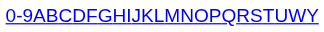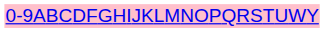 <table id="toc" class="toc" summary="Class">
 <tr>
 <th></th>
 </tr>
 <tr>
-<td style="text-align:center;"><a href='#'>0-9</a><a href='#'>A</a><a href='#'>B</a><a href='#'>C</a><a href='#'>D</a><a href='#'>F</a><a href='#'>G</a><a href='#'>H</a><a href='#'>I</a><a href='#'>J</a><a href='#'>K</a><a href='#'>L</a><a href='#'>M</a><a href='#'>N</a><a href='#'>O</a><a href='#'>P</a><a href='#'>Q</a><a href='#'>R</a><a href='#'>S</a><a href='#'>T</a><a href='#'>U</a><a href='#'>W</a><a href='#'>Y</a></td>
+<td style="background: pink; text-align:center;"><a href='#'>0-9</a><a href='#'>A</a><a href='#'>B</a><a href='#'>C</a><a href='#'>D</a><a href='#'>F</a><a href='#'>G</a><a href='#'>H</a><a href='#'>I</a><a href='#'>J</a><a href='#'>K</a><a href='#'>L</a><a href='#'>M</a><a href='#'>N</a><a href='#'>O</a><a href='#'>P</a><a href='#'>Q</a><a href='#'>R</a><a href='#'>S</a><a href='#'>T</a><a href='#'>U</a><a href='#'>W</a><a href='#'>Y</a></td>
 </tr>
 </table>
